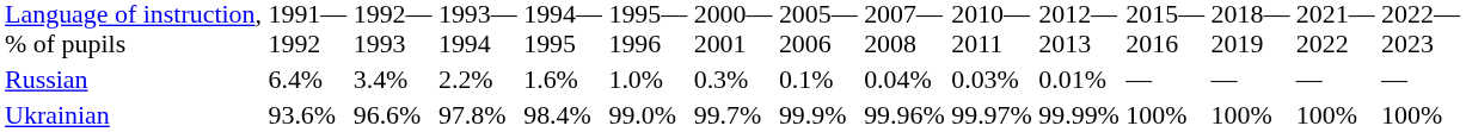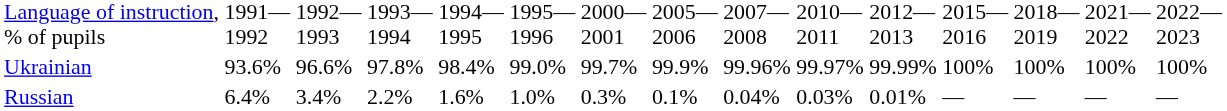 <table class="standard">
 <tr>
 <td><a href='#'>Language of instruction</a>, <br>% of pupils</td>
 <td>1991—<br>1992</td>
 <td>1992—<br>1993</td>
 <td>1993—<br>1994</td>
 <td>1994—<br>1995</td>
 <td>1995—<br>1996</td>
 <td>2000—<br>2001</td>
 <td>2005—<br>2006</td>
 <td>2007—<br>2008</td>
 <td>2010—<br>2011</td>
 <td>2012—<br>2013</td>
 <td>2015—<br>2016</td>
 <td>2018—<br>2019</td>
 <td>2021—<br>2022</td>
 <td>2022—<br>2023</td>
 </tr>
 <tr>
+<td><a href='#'>Ukrainian</a></td>
+<td>93.6%</td>
+<td>96.6%</td>
+<td>97.8%</td>
+<td>98.4%</td>
+<td>99.0%</td>
+<td>99.7%</td>
+<td>99.9%</td>
+<td>99.96%</td>
+<td>99.97%</td>
+<td>99.99%</td>
+<td>100%</td>
+<td>100%</td>
+<td>100%</td>
+<td>100%</td>
+</tr>
+<tr>
 <td><a href='#'>Russian</a></td>
 <td>6.4%</td>
 <td>3.4%</td>
 <td>2.2%</td>
 <td>1.6%</td>
 <td>1.0%</td>
 <td>0.3%</td>
 <td>0.1%</td>
 <td>0.04%</td>
 <td>0.03%</td>
 <td>0.01%</td>
 <td>—</td>
 <td>—</td>
 <td>—</td>
 <td>—</td>
 </tr>
 <tr>
-<td><a href='#'>Ukrainian</a></td>
-<td>93.6%</td>
-<td>96.6%</td>
-<td>97.8%</td>
-<td>98.4%</td>
-<td>99.0%</td>
-<td>99.7%</td>
-<td>99.9%</td>
-<td>99.96%</td>
-<td>99.97%</td>
-<td>99.99%</td>
-<td>100%</td>
-<td>100%</td>
-<td>100%</td>
-<td>100%</td>
-</tr>
-<tr>
 </tr>
 </table>
